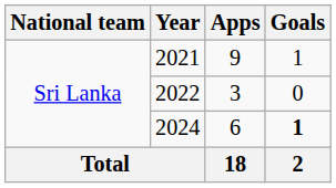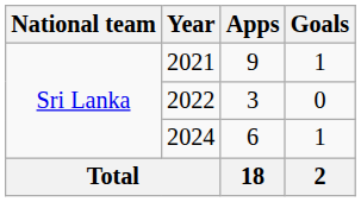 <table class="wikitable" style="text-align:center">
 <tr>
 <th>National team</th>
 <th>Year</th>
 <th>Apps</th>
 <th>Goals</th>
 </tr>
 <tr>
 <td rowspan="3"><a href='#'>Sri Lanka</a></td>
 <td>2021</td>
 <td>9</td>
 <td>1</td>
 </tr>
 <tr>
 <td>2022</td>
 <td>3</td>
 <td>0</td>
 </tr>
 <tr>
 <td>2024</td>
 <td>6</td>
-<td><strong>1</strong></td>
+<td>1</td>
 </tr>
 <tr>
 <th colspan="2">Total</th>
 <th>18</th>
 <th>2</th>
 </tr>
 </table>
